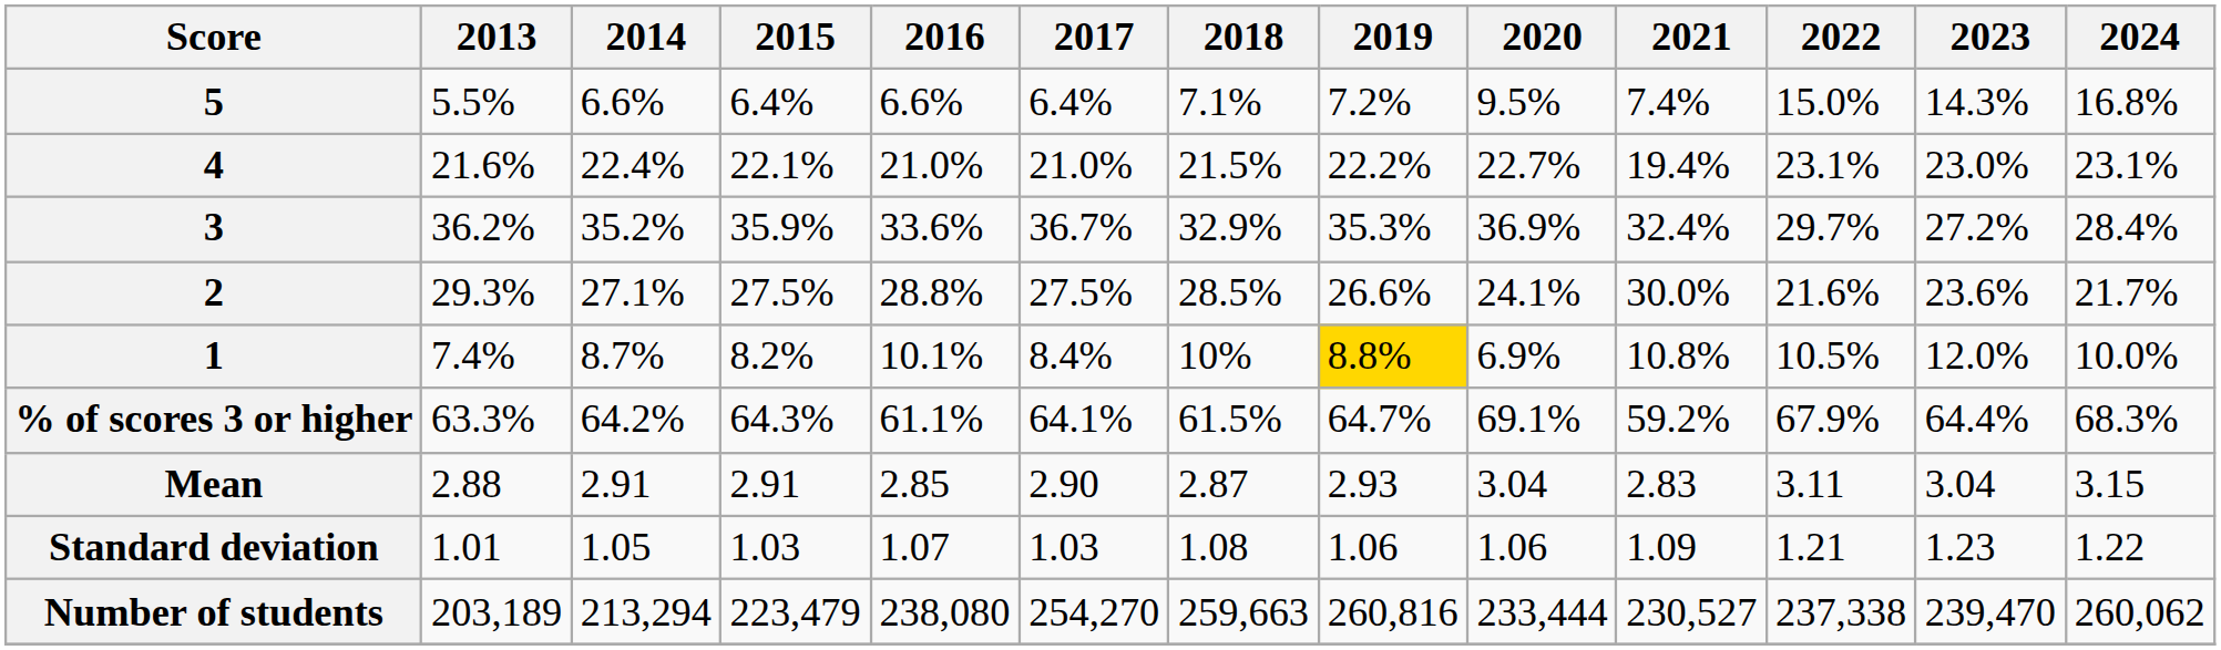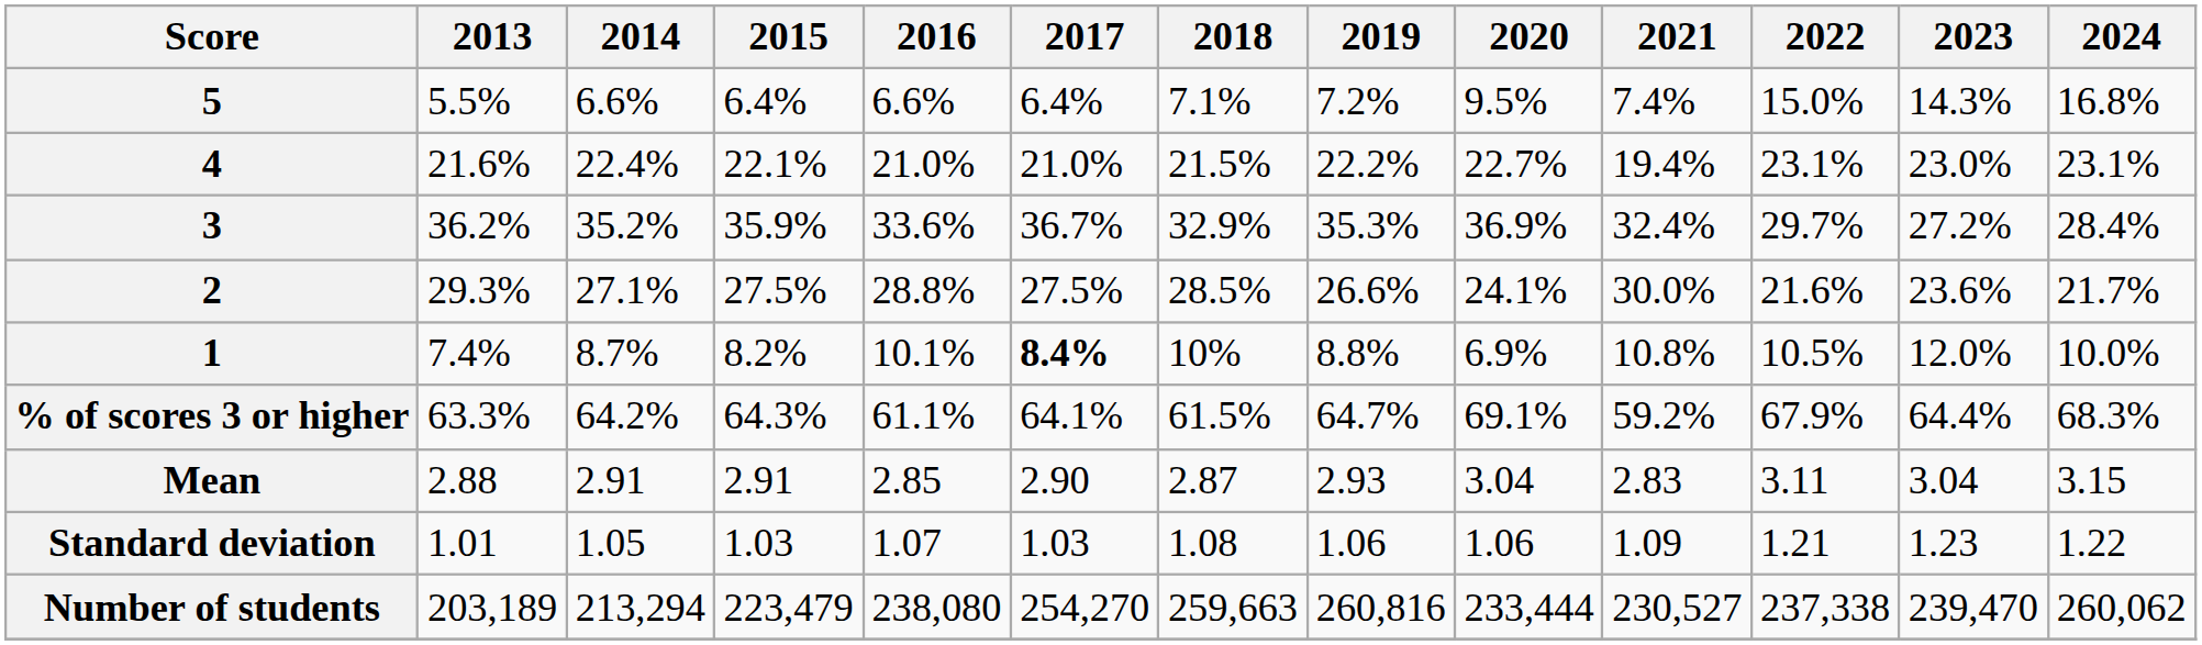 <table class="wikitable">
 <tr>
 <th>Score</th>
 <th>2013</th>
 <th>2014</th>
 <th>2015</th>
 <th>2016</th>
 <th>2017</th>
 <th>2018</th>
 <th>2019</th>
 <th>2020</th>
 <th>2021</th>
 <th>2022</th>
 <th>2023</th>
 <th>2024</th>
 </tr>
 <tr>
 <th>5</th>
 <td>5.5%</td>
 <td>6.6%</td>
 <td>6.4%</td>
 <td>6.6%</td>
 <td>6.4%</td>
 <td>7.1%</td>
 <td>7.2%</td>
 <td>9.5%</td>
 <td>7.4%</td>
 <td>15.0%</td>
 <td>14.3%</td>
 <td>16.8%</td>
 </tr>
 <tr>
 <th>4</th>
 <td>21.6%</td>
 <td>22.4%</td>
 <td>22.1%</td>
 <td>21.0%</td>
 <td>21.0%</td>
 <td>21.5%</td>
 <td>22.2%</td>
 <td>22.7%</td>
 <td>19.4%</td>
 <td>23.1%</td>
 <td>23.0%</td>
 <td>23.1%</td>
 </tr>
 <tr>
 <th>3</th>
 <td>36.2%</td>
 <td>35.2%</td>
 <td>35.9%</td>
 <td>33.6%</td>
 <td>36.7%</td>
 <td>32.9%</td>
 <td>35.3%</td>
 <td>36.9%</td>
 <td>32.4%</td>
 <td>29.7%</td>
 <td>27.2%</td>
 <td>28.4%</td>
 </tr>
 <tr>
 <th>2</th>
 <td>29.3%</td>
 <td>27.1%</td>
 <td>27.5%</td>
 <td>28.8%</td>
 <td>27.5%</td>
 <td>28.5%</td>
 <td>26.6%</td>
 <td>24.1%</td>
 <td>30.0%</td>
 <td>21.6%</td>
 <td>23.6%</td>
 <td>21.7%</td>
 </tr>
 <tr>
 <th>1</th>
 <td>7.4%</td>
 <td>8.7%</td>
 <td>8.2%</td>
 <td>10.1%</td>
-<td>8.4%</td>
+<td><strong>8.4%</strong></td>
 <td>10%</td>
-<td style="background: gold;">8.8%</td>
+<td>8.8%</td>
 <td>6.9%</td>
 <td>10.8%</td>
 <td>10.5%</td>
 <td>12.0%</td>
 <td>10.0%</td>
 </tr>
 <tr>
 <th>% of scores 3 or higher</th>
 <td>63.3%</td>
 <td>64.2%</td>
 <td>64.3%</td>
 <td>61.1%</td>
 <td>64.1%</td>
 <td>61.5%</td>
 <td>64.7%</td>
 <td>69.1%</td>
 <td>59.2%</td>
 <td>67.9%</td>
 <td>64.4%</td>
 <td>68.3%</td>
 </tr>
 <tr>
 <th>Mean</th>
 <td>2.88</td>
 <td>2.91</td>
 <td>2.91</td>
 <td>2.85</td>
 <td>2.90</td>
 <td>2.87</td>
 <td>2.93</td>
 <td>3.04</td>
 <td>2.83</td>
 <td>3.11</td>
 <td>3.04</td>
 <td>3.15</td>
 </tr>
 <tr>
 <th>Standard deviation</th>
 <td>1.01</td>
 <td>1.05</td>
 <td>1.03</td>
 <td>1.07</td>
 <td>1.03</td>
 <td>1.08</td>
 <td>1.06</td>
 <td>1.06</td>
 <td>1.09</td>
 <td>1.21</td>
 <td>1.23</td>
 <td>1.22</td>
 </tr>
 <tr>
 <th>Number of students</th>
 <td>203,189</td>
 <td>213,294</td>
 <td>223,479</td>
 <td>238,080</td>
 <td>254,270</td>
 <td>259,663</td>
 <td>260,816</td>
 <td>233,444</td>
 <td>230,527</td>
 <td>237,338</td>
 <td>239,470</td>
 <td>260,062</td>
 </tr>
 <tr>
 </tr>
 </table>
